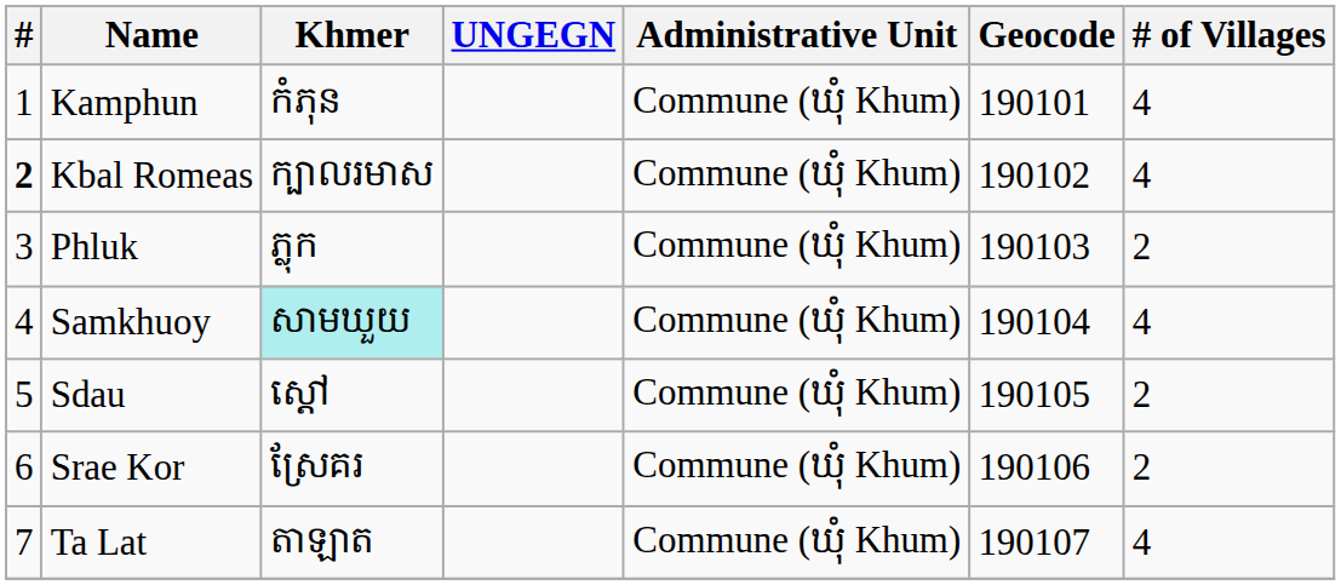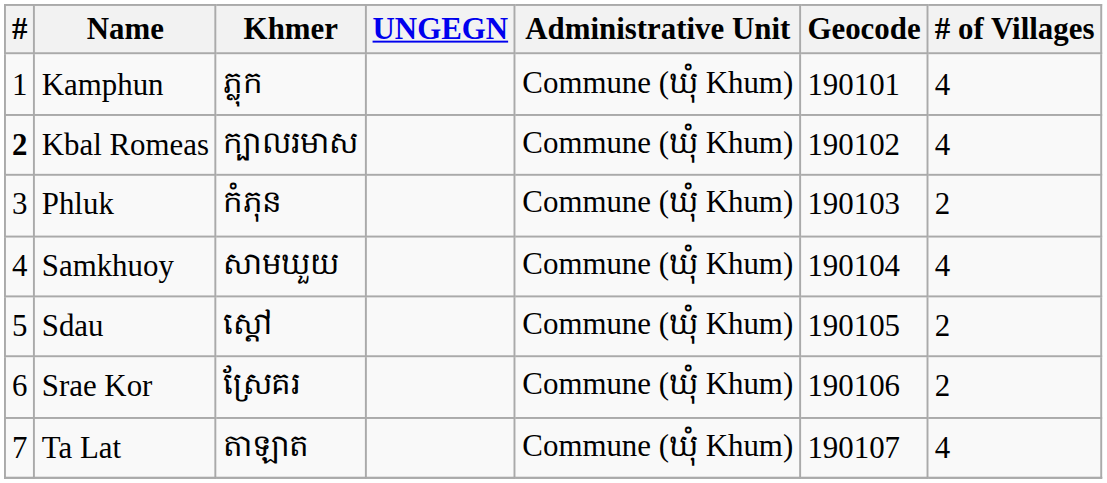 <table class="wikitable sortable">
 <tr>
 <th>#</th>
 <th>Name</th>
 <th>Khmer</th>
 <th><a href='#'>UNGEGN</a></th>
 <th>Administrative Unit</th>
 <th>Geocode</th>
 <th># of Villages</th>
 </tr>
 <tr>
 <td>1</td>
 <td>Kamphun</td>
-<td>កំភុន</td>
+<td>ភ្លុក</td>
 <td></td>
 <td>Commune (ឃុំ Khum)</td>
 <td>190101</td>
 <td>4</td>
 </tr>
 <tr>
 <td><strong>2</strong></td>
 <td>Kbal Romeas</td>
 <td>ក្បាលរមាស</td>
 <td></td>
 <td>Commune (ឃុំ Khum)</td>
 <td>190102</td>
 <td>4</td>
 </tr>
 <tr>
 <td>3</td>
 <td>Phluk</td>
-<td>ភ្លុក</td>
+<td>កំភុន</td>
 <td></td>
 <td>Commune (ឃុំ Khum)</td>
 <td>190103</td>
 <td>2</td>
 </tr>
 <tr>
 <td>4</td>
 <td>Samkhuoy</td>
-<td style="background: paleturquoise;">សាមឃួយ</td>
+<td>សាមឃួយ</td>
 <td></td>
 <td>Commune (ឃុំ Khum)</td>
 <td>190104</td>
 <td>4</td>
 </tr>
 <tr>
 <td>5</td>
 <td>Sdau</td>
 <td>ស្ដៅ</td>
 <td></td>
 <td>Commune (ឃុំ Khum)</td>
 <td>190105</td>
 <td>2</td>
 </tr>
 <tr>
 <td>6</td>
 <td>Srae Kor</td>
 <td>ស្រែគរ</td>
 <td></td>
 <td>Commune (ឃុំ Khum)</td>
 <td>190106</td>
 <td>2</td>
 </tr>
 <tr>
 <td>7</td>
 <td>Ta Lat</td>
 <td>តាឡាត</td>
 <td></td>
 <td>Commune (ឃុំ Khum)</td>
 <td>190107</td>
 <td>4</td>
 </tr>
 <tr>
 </tr>
 </table>
